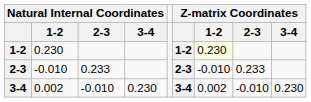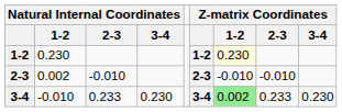 <table class="wikitable">
 <tr>
 <th colspan="4">Natural Internal Coordinates</th>
 <td></td>
 <th colspan="4">Z-matrix Coordinates</th>
 </tr>
 <tr>
 <th></th>
 <th>1-2</th>
 <th>2-3</th>
 <th>3-4</th>
 <td rowspan="4"></td>
 <th></th>
 <th>1-2</th>
 <th>2-3</th>
 <th>3-4</th>
 </tr>
 <tr>
 <th><strong>1-2</strong></th>
 <td>0.230</td>
 <td></td>
 <td></td>
 <th><strong>1-2</strong></th>
 <td style="background: lightyellow;">0.230</td>
 <td></td>
 <td></td>
 </tr>
 <tr>
 <th><strong>2-3</strong></th>
+<td>0.002</td>
 <td>-0.010</td>
-<td>0.233</td>
 <td></td>
 <th><strong>2-3</strong></th>
 <td>-0.010</td>
-<td>0.233</td>
+<td>-0.010</td>
 <td></td>
 </tr>
 <tr>
 <th><strong>3-4</strong></th>
-<td>0.002</td>
 <td>-0.010</td>
+<td>0.233</td>
 <td>0.230</td>
 <th><strong>3-4</strong></th>
-<td>0.002</td>
-<td>-0.010</td>
+<td style="background: lightgreen;">0.002</td>
+<td>0.233</td>
 <td>0.230</td>
 </tr>
 </table>
